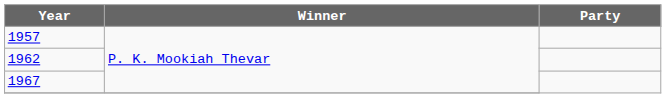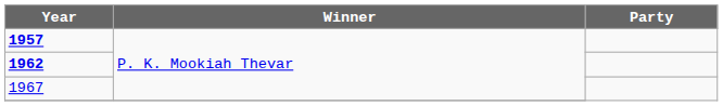 <table class="wikitable" width="50%">
 <tr>
 <th style="background-color:#666666; color:white">Year</th>
 <th style="background-color:#666666; color:white">Winner</th>
 <th style="background-color:#666666; color:white" colspan="2">Party</th>
 </tr>
 <tr>
-<td><a href='#'>1957</a></td>
+<td><strong><a href='#'>1957</a></strong></td>
 <td rowspan=3><a href='#'>P. K. Mookiah Thevar</a></td>
 <td></td>
 </tr>
 <tr>
-<td><a href='#'>1962</a></td>
+<td><strong><a href='#'>1962</a></strong></td>
 <td></td>
 </tr>
 <tr>
 <td><a href='#'>1967</a></td>
 </tr>
 <tr>
 </tr>
 </table>
